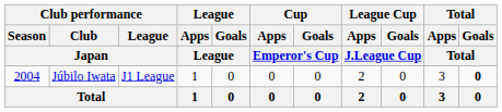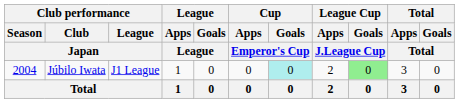 <table class="wikitable" style="text-align:center;">
 <tr>
 <th colspan=3>Club performance</th>
 <th colspan=2>League</th>
 <th colspan=2>Cup</th>
 <th colspan=2>League Cup</th>
 <th colspan=2>Total</th>
 </tr>
 <tr>
 <th>Season</th>
 <th>Club</th>
 <th>League</th>
 <th>Apps</th>
 <th>Goals</th>
 <th>Apps</th>
 <th>Goals</th>
 <th>Apps</th>
 <th>Goals</th>
 <th>Apps</th>
 <th>Goals</th>
 </tr>
 <tr>
 <th colspan=3>Japan</th>
 <th colspan=2>League</th>
 <th colspan=2><a href='#'>Emperor's Cup</a></th>
 <th colspan=2><a href='#'>J.League Cup</a></th>
 <th colspan=2>Total</th>
 </tr>
 <tr>
 <td><a href='#'>2004</a></td>
 <td><a href='#'>Júbilo Iwata</a></td>
 <td><a href='#'>J1 League</a></td>
 <td>1</td>
 <td>0</td>
 <td>0</td>
+<td style="background: paleturquoise;">0</td>
+<td>2</td>
+<td style="background: lightgreen;">0</td>
+<td>3</td>
 <td>0</td>
-<td>2</td>
-<td>0</td>
-<td>3</td>
-<td><strong>0</strong></td>
 </tr>
 <tr>
 <th colspan=3>Total</th>
 <th>1</th>
 <th>0</th>
 <th>0</th>
 <th>0</th>
 <th>2</th>
 <th>0</th>
 <th>3</th>
 <th>0</th>
 </tr>
 </table>
